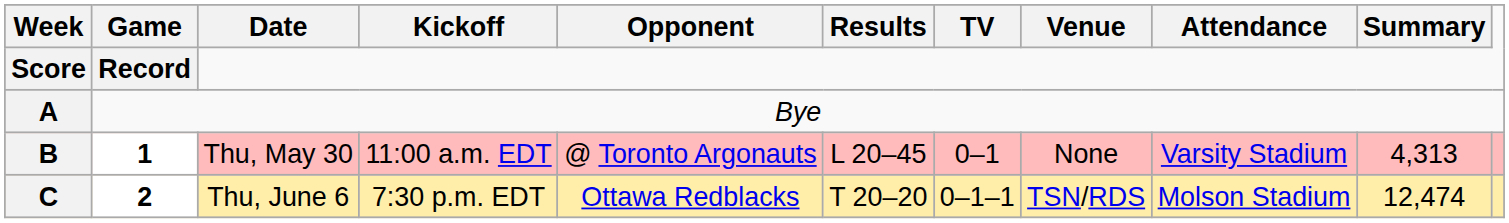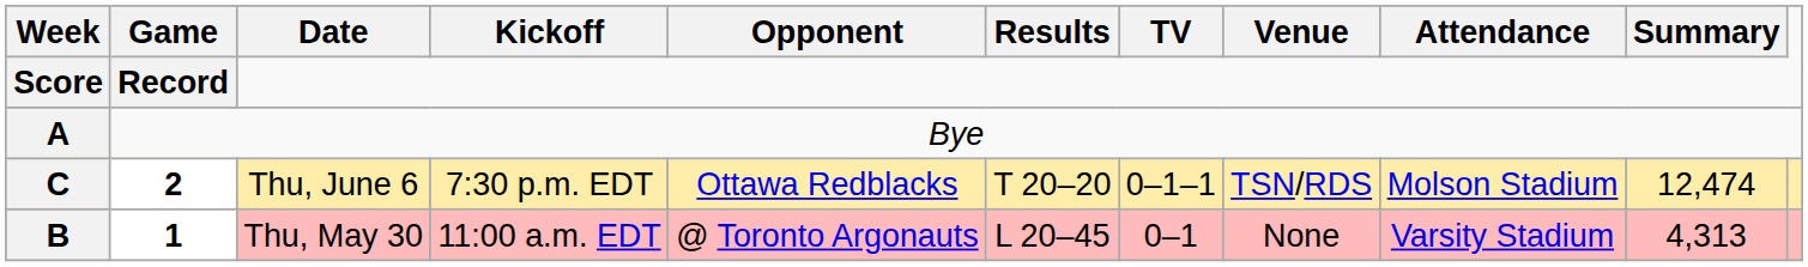 <table class="wikitable" style="font-size: 95%;">
 <tr>
 <th scope="col">Week</th>
 <th scope="col">Game</th>
 <th scope="col">Date</th>
 <th scope="col">Kickoff</th>
 <th scope="col">Opponent</th>
 <th scope="col">Results</th>
 <th scope="col">TV</th>
 <th scope="col">Venue</th>
 <th scope="col">Attendance</th>
 <th scope="col">Summary</th>
 </tr>
 <tr>
 <th scope="col">Score</th>
 <th scope="col">Record</th>
 </tr>
 <tr style= bgcolor="ffffff">
 <th align="center"><strong>A</strong></th>
 <td colspan=10 align="center" valign="middle"><em>Bye</em></td>
 </tr>
+<tr align="center"= bgcolor="#ffeeaa">
+<th align="center"><strong>C</strong></th>
+<th style="text-align:center; background:white;"><span>2</span></th>
+<td align="center">Thu, June 6</td>
+<td align="center">7:30 p.m. EDT</td>
+<td align="center"><a href='#'>Ottawa Redblacks</a></td>
+<td align="center">T 20–20</td>
+<td align="center">0–1–1</td>
+<td align="center"><a href='#'>TSN</a>/<a href='#'>RDS</a></td>
+<td align="center"><a href='#'>Molson Stadium</a></td>
+<td align="center">12,474</td>
+<td align="center"></td>
+</tr>
 <tr align="center"= bgcolor="ffbbbb">
 <th align="center"><strong>B</strong></th>
 <th style="text-align:center; background:white;"><span>1</span></th>
 <td align="center">Thu, May 30</td>
 <td align="center">11:00 a.m. <a href='#'>EDT</a></td>
 <td align="center">@ <a href='#'>Toronto Argonauts</a></td>
 <td align="center">L 20–45</td>
 <td align="center">0–1</td>
 <td align="center">None</td>
 <td align="center"><a href='#'>Varsity Stadium</a></td>
 <td align="center">4,313</td>
 <td align="center"></td>
 </tr>
-<tr align="center"= bgcolor="#ffeeaa">
-<th align="center"><strong>C</strong></th>
-<th style="text-align:center; background:white;"><span>2</span></th>
-<td align="center">Thu, June 6</td>
-<td align="center">7:30 p.m. EDT</td>
-<td align="center"><a href='#'>Ottawa Redblacks</a></td>
-<td align="center">T 20–20</td>
-<td align="center">0–1–1</td>
-<td align="center"><a href='#'>TSN</a>/<a href='#'>RDS</a></td>
-<td align="center"><a href='#'>Molson Stadium</a></td>
-<td align="center">12,474</td>
-<td align="center"></td>
-</tr>
 </table>
